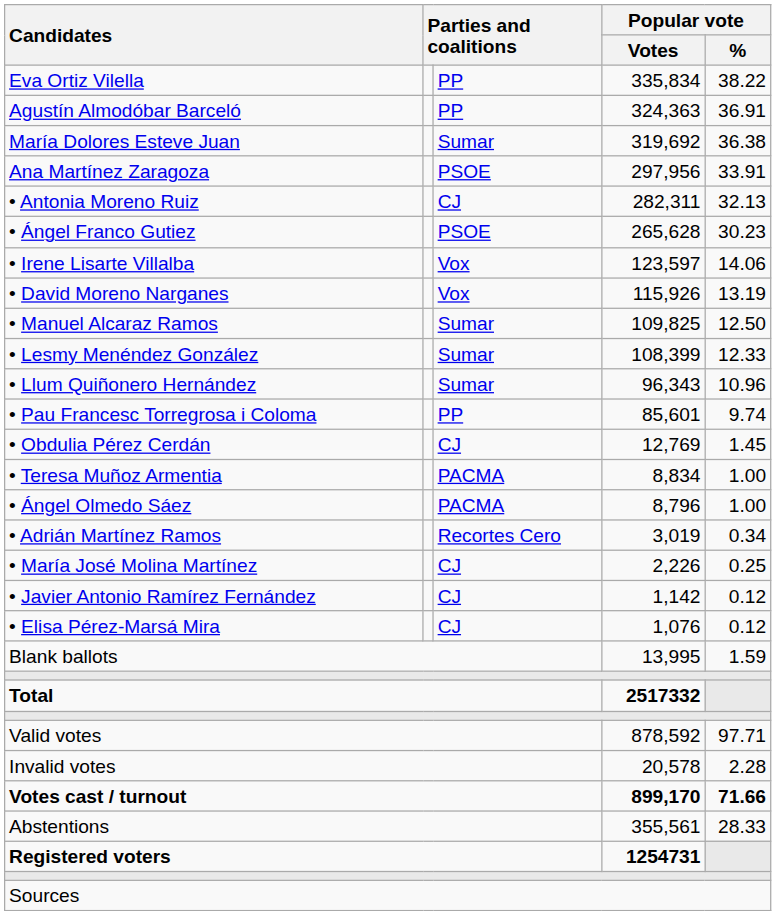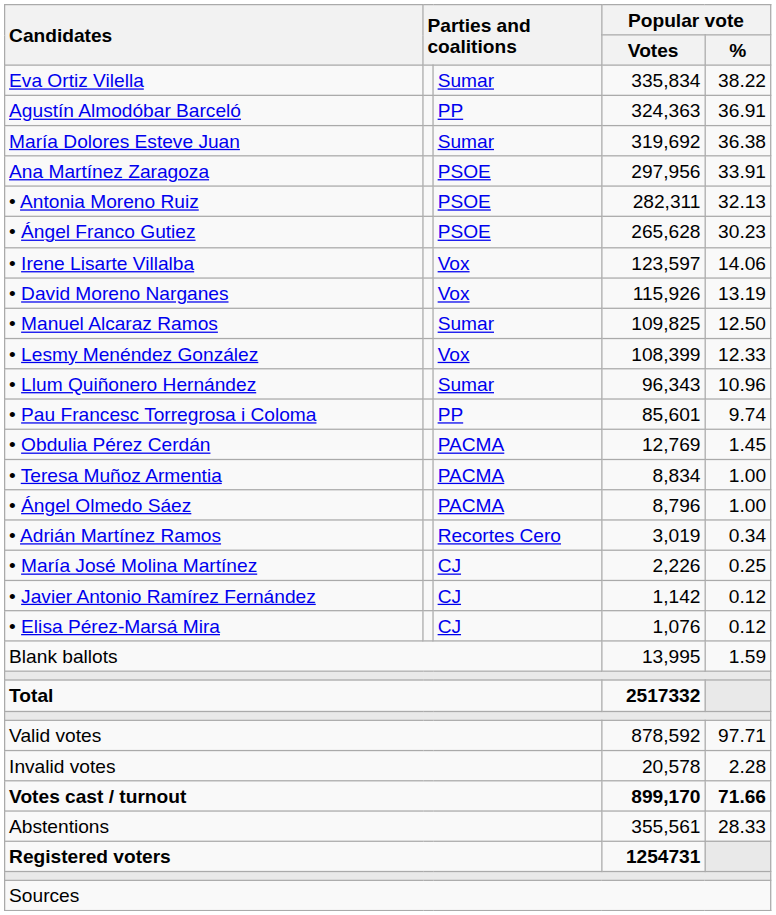 <table class="wikitable" style="text-align:right; font-size:95%;">
 <tr>
 <th style="text-align:left;" rowspan="2" width="325">Candidates</th>
 <th style="text-align:left;" rowspan="2" colspan="2" width="175">Parties and coalitions</th>
 <th colspan="2">Popular vote</th>
 </tr>
 <tr>
 <th width="75">Votes</th>
 <th width="45">%</th>
 </tr>
 <tr>
 <td align="left"> <a href='#'>Eva Ortiz Vilella</a></td>
 <td width="1" style="color:inherit;background:"></td>
-<td align="left"><a href='#'>PP</a></td>
+<td align="left"><a href='#'>Sumar</a></td>
 <td>335,834</td>
 <td>38.22</td>
 </tr>
 <tr>
 <td align="left"> <a href='#'>Agustín Almodóbar Barceló</a></td>
 <td width="1" style="color:inherit;background:"></td>
 <td align="left"><a href='#'>PP</a></td>
 <td>324,363</td>
 <td>36.91</td>
 </tr>
 <tr>
 <td align="left"> <a href='#'>María Dolores Esteve Juan</a></td>
 <td width="1" style="color:inherit;background:"></td>
 <td align="left"><a href='#'>Sumar</a></td>
 <td>319,692</td>
 <td>36.38</td>
 </tr>
 <tr>
 <td align="left"> <a href='#'>Ana Martínez Zaragoza</a></td>
 <td width="1" style="color:inherit;background:"></td>
 <td align="left"><a href='#'>PSOE</a></td>
 <td>297,956</td>
 <td>33.91</td>
 </tr>
 <tr>
 <td align="left">• <a href='#'>Antonia Moreno Ruiz</a></td>
 <td width="1" style="color:inherit;background:"></td>
-<td align="left"><a href='#'>CJ</a></td>
+<td align="left"><a href='#'>PSOE</a></td>
 <td>282,311</td>
 <td>32.13</td>
 </tr>
 <tr>
 <td align="left">• <a href='#'>Ángel Franco Gutiez</a></td>
 <td width="1" style="color:inherit;background:"></td>
 <td align="left"><a href='#'>PSOE</a></td>
 <td>265,628</td>
 <td>30.23</td>
 </tr>
 <tr>
 <td align="left">• <a href='#'>Irene Lisarte Villalba</a></td>
 <td width="1" style="color:inherit;background:"></td>
 <td align="left"><a href='#'>Vox</a></td>
 <td>123,597</td>
 <td>14.06</td>
 </tr>
 <tr>
 <td align="left">• <a href='#'>David Moreno Narganes</a></td>
 <td width="1" style="color:inherit;background:"></td>
 <td align="left"><a href='#'>Vox</a></td>
 <td>115,926</td>
 <td>13.19</td>
 </tr>
 <tr>
 <td align="left">• <a href='#'>Manuel Alcaraz Ramos</a></td>
 <td width="1" style="color:inherit;background:"></td>
 <td align="left"><a href='#'>Sumar</a></td>
 <td>109,825</td>
 <td>12.50</td>
 </tr>
 <tr>
 <td align="left">• <a href='#'>Lesmy Menéndez González</a></td>
 <td width="1" style="color:inherit;background:"></td>
-<td align="left"><a href='#'>Sumar</a></td>
+<td align="left"><a href='#'>Vox</a></td>
 <td>108,399</td>
 <td>12.33</td>
 </tr>
 <tr>
 <td align="left">• <a href='#'>Llum Quiñonero Hernández</a></td>
 <td width="1" style="color:inherit;background:"></td>
 <td align="left"><a href='#'>Sumar</a></td>
 <td>96,343</td>
 <td>10.96</td>
 </tr>
 <tr>
 <td align="left">• <a href='#'>Pau Francesc Torregrosa i Coloma</a></td>
 <td width="1" style="color:inherit;background:"></td>
 <td align="left"><a href='#'>PP</a></td>
 <td>85,601</td>
 <td>9.74</td>
 </tr>
 <tr>
 <td align="left">• <a href='#'>Obdulia Pérez Cerdán</a></td>
 <td width="1" style="color:inherit;background:"></td>
-<td align="left"><a href='#'>CJ</a></td>
+<td align="left"><a href='#'>PACMA</a></td>
 <td>12,769</td>
 <td>1.45</td>
 </tr>
 <tr>
 <td align="left">• <a href='#'>Teresa Muñoz Armentia</a></td>
 <td width="1" style="color:inherit;background:"></td>
 <td align="left"><a href='#'>PACMA</a></td>
 <td>8,834</td>
 <td>1.00</td>
 </tr>
 <tr>
 <td align="left">• <a href='#'>Ángel Olmedo Sáez</a></td>
 <td width="1" style="color:inherit;background:"></td>
 <td align="left"><a href='#'>PACMA</a></td>
 <td>8,796</td>
 <td>1.00</td>
 </tr>
 <tr>
 <td align="left">• <a href='#'>Adrián Martínez Ramos</a></td>
 <td width="1" style="color:inherit;background:"></td>
 <td align="left"><a href='#'>Recortes Cero</a></td>
 <td>3,019</td>
 <td>0.34</td>
 </tr>
 <tr>
 <td align="left">• <a href='#'>María José Molina Martínez</a></td>
 <td width="1" style="color:inherit;background:"></td>
 <td align="left"><a href='#'>CJ</a></td>
 <td>2,226</td>
 <td>0.25</td>
 </tr>
 <tr>
 <td align="left">• <a href='#'>Javier Antonio Ramírez Fernández</a></td>
 <td width="1" style="color:inherit;background:"></td>
 <td align="left"><a href='#'>CJ</a></td>
 <td>1,142</td>
 <td>0.12</td>
 </tr>
 <tr>
 <td align="left">• <a href='#'>Elisa Pérez-Marsá Mira</a></td>
 <td width="1" style="color:inherit;background:"></td>
 <td align="left"><a href='#'>CJ</a></td>
 <td>1,076</td>
 <td>0.12</td>
 </tr>
 <tr>
 <td align="left" colspan="3">Blank ballots</td>
 <td>13,995</td>
 <td>1.59</td>
 </tr>
 <tr>
 <td colspan="5" bgcolor="#E9E9E9"></td>
 </tr>
 <tr style="font-weight:bold;">
 <td align="left" colspan="3">Total</td>
 <td>2517332</td>
 <td bgcolor="#E9E9E9"></td>
 </tr>
 <tr>
 <td colspan="5" bgcolor="#E9E9E9"></td>
 </tr>
 <tr>
 <td align="left" colspan="3">Valid votes</td>
 <td>878,592</td>
 <td>97.71</td>
 </tr>
 <tr>
 <td align="left" colspan="3">Invalid votes</td>
 <td>20,578</td>
 <td>2.28</td>
 </tr>
 <tr style="font-weight:bold;">
 <td align="left" colspan="3">Votes cast / turnout</td>
 <td>899,170</td>
 <td>71.66</td>
 </tr>
 <tr>
 <td align="left" colspan="3">Abstentions</td>
 <td>355,561</td>
 <td>28.33</td>
 </tr>
 <tr style="font-weight:bold;">
 <td align="left" colspan="3">Registered voters</td>
 <td>1254731</td>
 <td bgcolor="#E9E9E9"></td>
 </tr>
 <tr>
 <td colspan="5" bgcolor="#E9E9E9"></td>
 </tr>
 <tr>
 <td align="left" colspan="5">Sources</td>
 </tr>
 </table>
